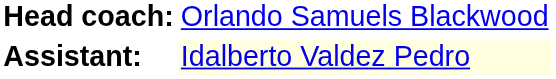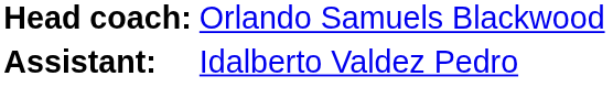 <table>
 <tr>
 <td><strong>Head coach:</strong></td>
 <td><a href='#'>Orlando Samuels Blackwood</a></td>
 </tr>
 <tr>
 <td><strong>Assistant:</strong></td>
-<td style="background: lightyellow;"><a href='#'>Idalberto Valdez Pedro</a></td>
+<td><a href='#'>Idalberto Valdez Pedro</a></td>
 </tr>
 </table>
